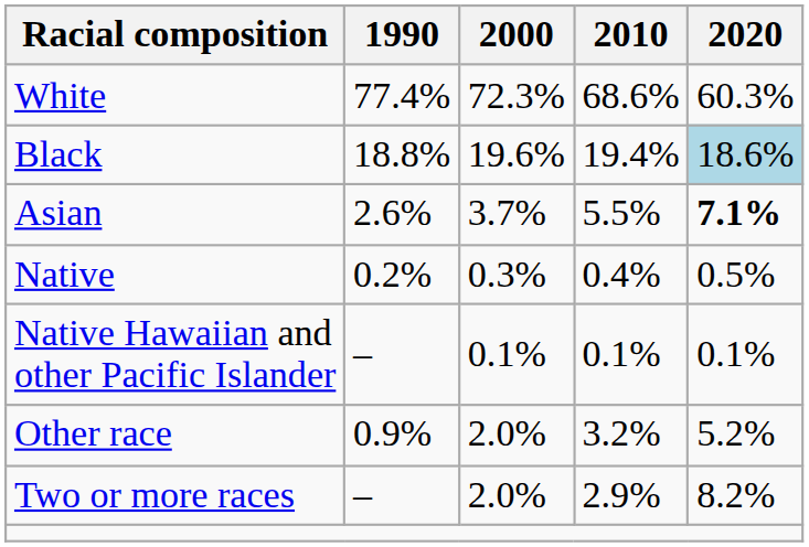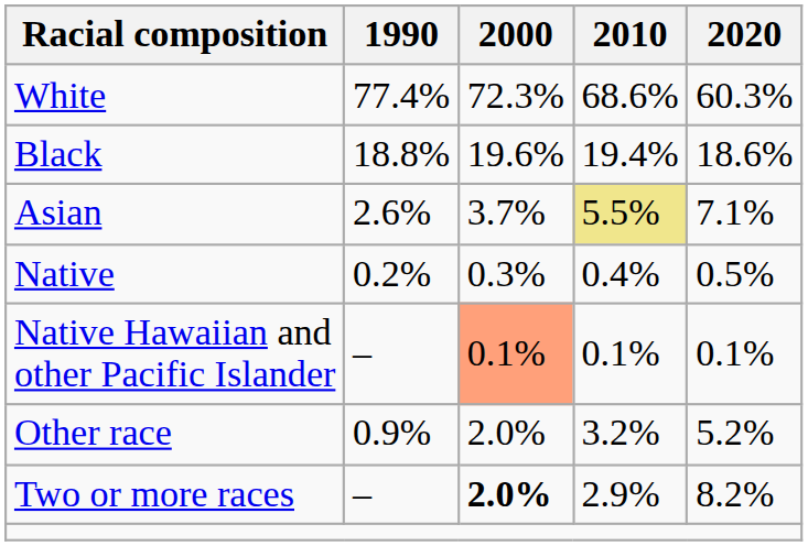 <table class="wikitable" style="float:right; margin-left:15px; margin-top:0;">
 <tr>
 <th>Racial composition</th>
 <th>1990</th>
 <th>2000</th>
 <th>2010</th>
 <th>2020</th>
 </tr>
 <tr>
 <td><a href='#'>White</a></td>
 <td>77.4%</td>
 <td>72.3%</td>
 <td>68.6%</td>
 <td>60.3%</td>
 </tr>
 <tr>
 <td><a href='#'>Black</a></td>
 <td>18.8%</td>
 <td>19.6%</td>
 <td>19.4%</td>
-<td style="background: lightblue;">18.6%</td>
+<td>18.6%</td>
 </tr>
 <tr>
 <td><a href='#'>Asian</a></td>
 <td>2.6%</td>
 <td>3.7%</td>
-<td>5.5%</td>
-<td><strong>7.1%</strong></td>
+<td style="background: khaki;">5.5%</td>
+<td>7.1%</td>
 </tr>
 <tr>
 <td><a href='#'>Native</a></td>
 <td>0.2%</td>
 <td>0.3%</td>
 <td>0.4%</td>
 <td>0.5%</td>
 </tr>
 <tr>
 <td><a href='#'>Native Hawaiian</a> and <br><a href='#'>other Pacific Islander</a></td>
 <td>–</td>
-<td>0.1%</td>
+<td style="background: lightsalmon;">0.1%</td>
 <td>0.1%</td>
 <td>0.1%</td>
 </tr>
 <tr>
 <td><a href='#'>Other race</a></td>
 <td>0.9%</td>
 <td>2.0%</td>
 <td>3.2%</td>
 <td>5.2%</td>
 </tr>
 <tr>
 <td><a href='#'>Two or more races</a></td>
 <td>–</td>
-<td>2.0%</td>
+<td><strong>2.0%</strong></td>
 <td>2.9%</td>
 <td>8.2%</td>
 </tr>
 <tr>
 <td colspan=5 style="text-align:center"></td>
 </tr>
 </table>
